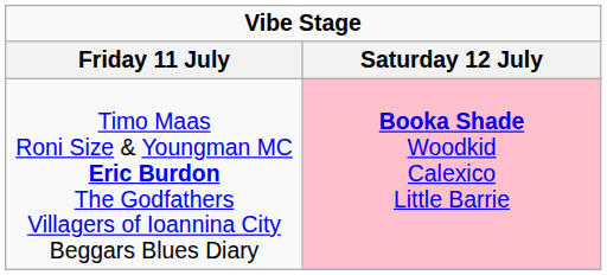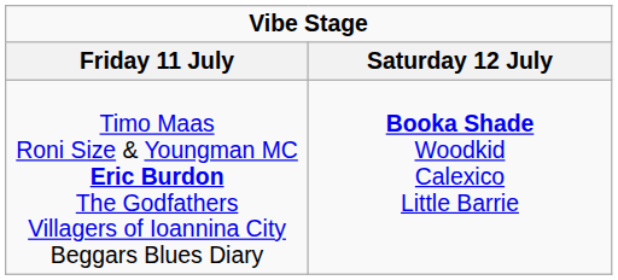 <table class="wikitable">
 <tr>
 <td colspan="2" align="center"><strong>Vibe Stage</strong></td>
 </tr>
 <tr>
 <th>Friday 11 July</th>
 <th>Saturday 12 July</th>
 </tr>
 <tr>
 <td valign="top" align="center" width=200><br><a href='#'>Timo Maas</a> <br><a href='#'>Roni Size</a> & <a href='#'>Youngman MC</a> <br><strong><a href='#'>Eric Burdon</a></strong> <br><a href='#'>The Godfathers</a> <br><a href='#'>Villagers of Ioannina City</a> <br>Beggars Blues Diary</td>
-<td valign="top" align="center" width=200 style="background: pink;"><br><strong><a href='#'>Booka Shade</a></strong> <br><a href='#'>Woodkid</a> <br><a href='#'>Calexico</a> <br><a href='#'>Little Barrie</a></td>
+<td valign="top" align="center" width=200><br><strong><a href='#'>Booka Shade</a></strong> <br><a href='#'>Woodkid</a> <br><a href='#'>Calexico</a> <br><a href='#'>Little Barrie</a></td>
 </tr>
 </table>
